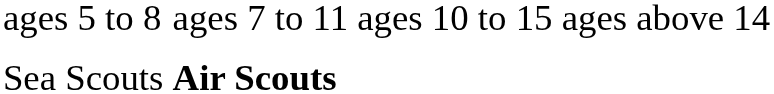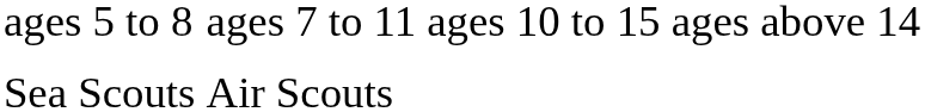 <table>
 <tr>
 <td>ages 5 to 8</td>
 <td>ages 7 to 11</td>
 <td>ages 10 to 15</td>
 <td>ages above 14</td>
 </tr>
 <tr>
 <td></td>
 <td></td>
 <td></td>
 <td></td>
 </tr>
 <tr>
 <td>Sea Scouts</td>
-<td><strong>Air Scouts</strong></td>
+<td>Air Scouts</td>
 <td colspan=2></td>
 </tr>
 <tr>
 <td></td>
 <td></td>
 <td colspan=2></td>
 </tr>
 </table>
